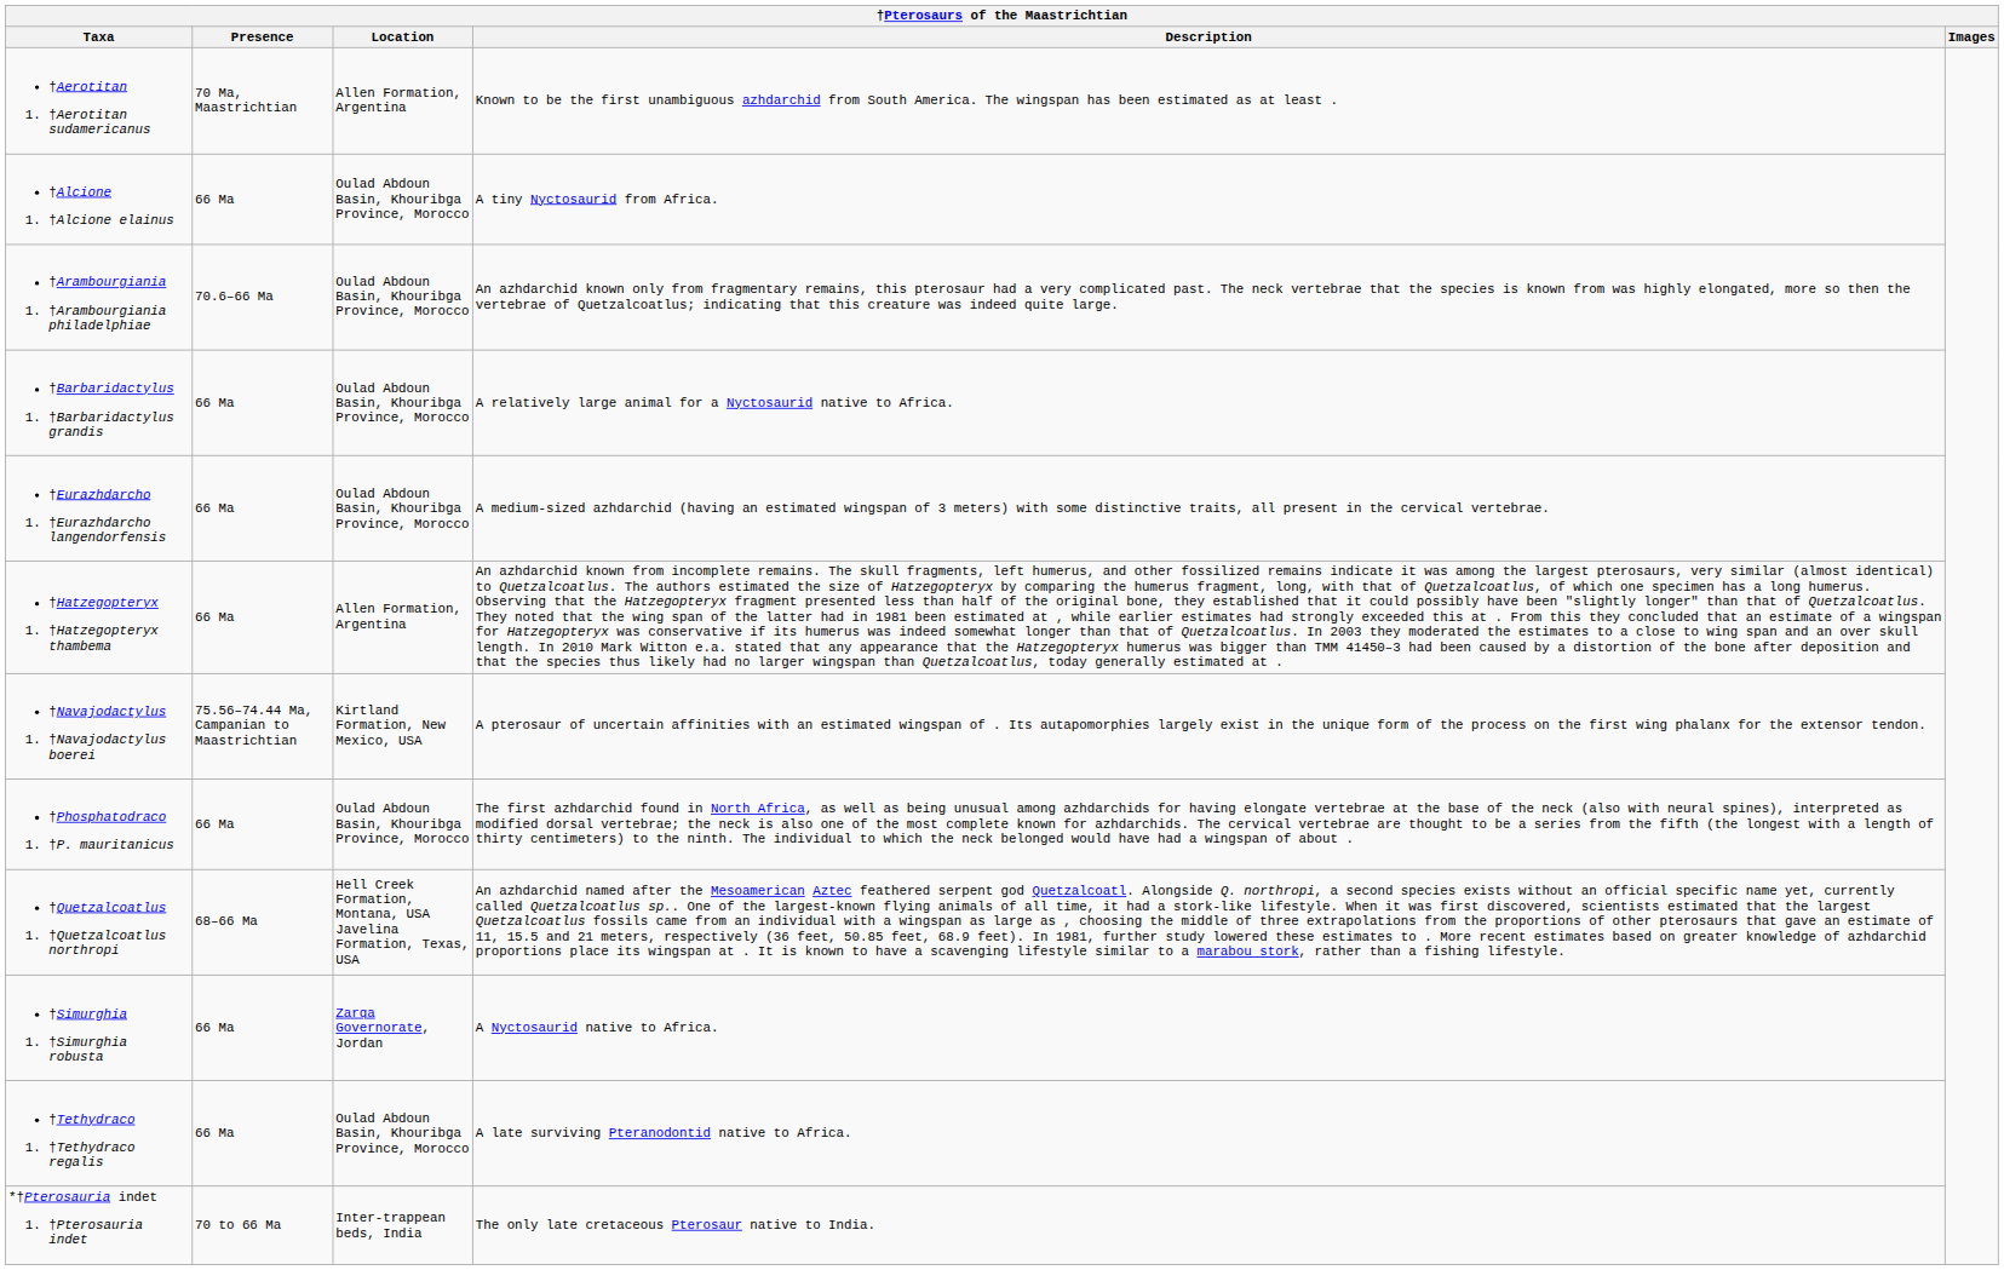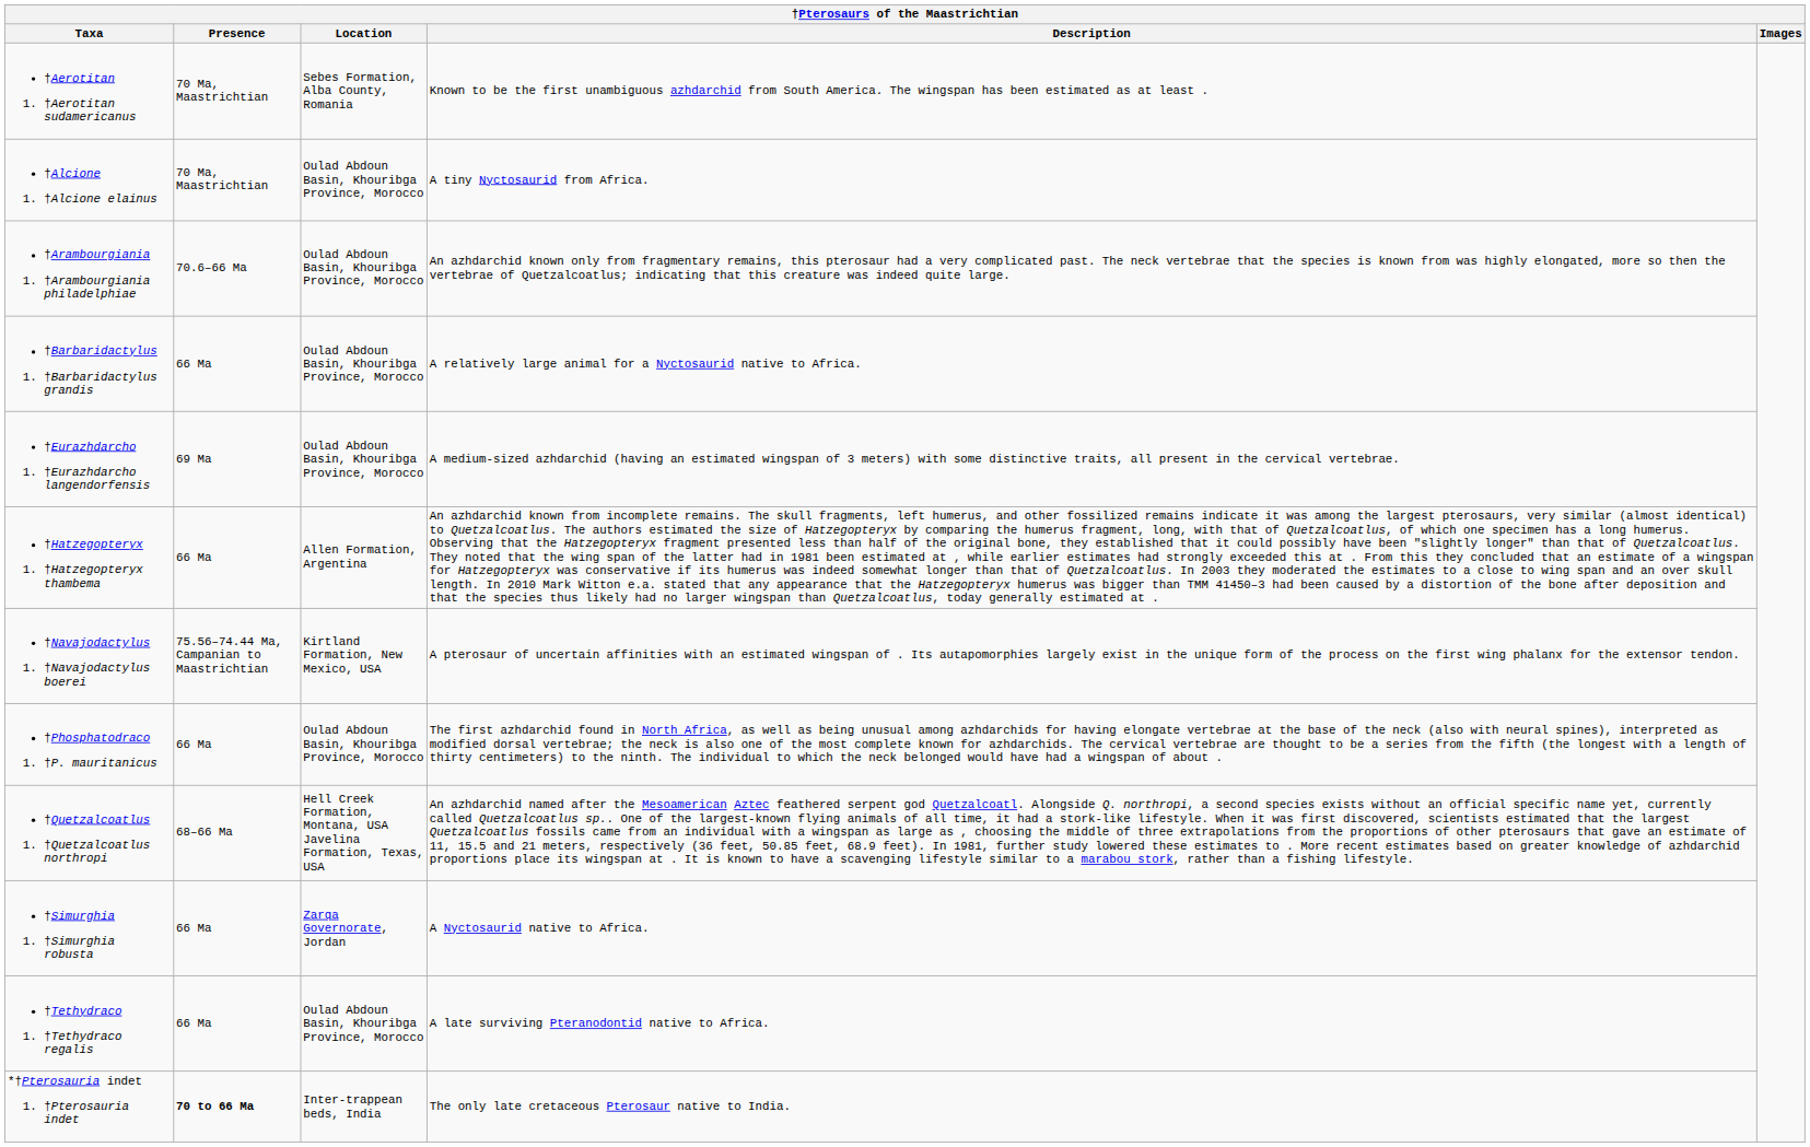 <table class="wikitable" align="center" width="100%">
 <tr>
 <th colspan="5" align="center">†<a href='#'>Pterosaurs</a> of the Maastrichtian</th>
 </tr>
 <tr>
 <th>Taxa</th>
 <th>Presence</th>
 <th>Location</th>
 <th>Description</th>
 <th>Images</th>
 </tr>
 <tr>
 <td><br><ul><li>†<em><a href='#'>Aerotitan</a></em></li></ul><ol><li>†<em>Aerotitan sudamericanus</em></li></ol></td>
 <td>70 Ma, Maastrichtian</td>
-<td>Allen Formation, Argentina</td>
+<td>Sebes Formation, Alba County, Romania</td>
 <td>Known to be the first unambiguous <a href='#'>azhdarchid</a> from South America. The wingspan has been estimated as at least .</td>
 <td rowspan="99"><br>     </td>
 </tr>
 <tr>
 <td><br><ul><li>†<em><a href='#'>Alcione</a></em></li></ul><ol><li>†<em>Alcione elainus</em></li></ol></td>
-<td>66 Ma</td>
+<td>70 Ma, Maastrichtian</td>
 <td>Oulad Abdoun Basin, Khouribga Province, Morocco</td>
 <td>A tiny <a href='#'>Nyctosaurid</a> from Africa.</td>
 </tr>
 <tr>
 <td><br><ul><li>†<em><a href='#'>Arambourgiania</a></em></li></ul><ol><li>†<em>Arambourgiania philadelphiae</em></li></ol></td>
 <td>70.6–66 Ma</td>
 <td>Oulad Abdoun Basin, Khouribga Province, Morocco</td>
 <td>An azhdarchid known only from fragmentary remains, this pterosaur had a very complicated past. The neck vertebrae that the species is known from was highly elongated, more so then the vertebrae of Quetzalcoatlus; indicating that this creature was indeed quite large.</td>
 </tr>
 <tr>
 <td><br><ul><li>†<em><a href='#'>Barbaridactylus</a></em></li></ul><ol><li>†<em>Barbaridactylus grandis</em></li></ol></td>
 <td>66 Ma</td>
 <td>Oulad Abdoun Basin, Khouribga Province, Morocco</td>
 <td>A relatively large animal for a <a href='#'>Nyctosaurid</a> native to Africa.</td>
 </tr>
 <tr>
 <td><br><ul><li>†<em><a href='#'>Eurazhdarcho</a></em></li></ul><ol><li>†<em>Eurazhdarcho langendorfensis</em></li></ol></td>
-<td>66 Ma</td>
+<td>69 Ma</td>
 <td>Oulad Abdoun Basin, Khouribga Province, Morocco</td>
 <td>A medium-sized azhdarchid (having an estimated wingspan of 3 meters) with some distinctive traits, all present in the cervical vertebrae.</td>
 </tr>
 <tr>
 <td><br><ul><li>†<em><a href='#'>Hatzegopteryx</a></em></li></ul><ol><li>†<em>Hatzegopteryx thambema</em></li></ol></td>
 <td>66 Ma</td>
 <td>Allen Formation, Argentina</td>
 <td>An azhdarchid known from incomplete remains. The skull fragments, left humerus, and other fossilized remains indicate it was among the largest pterosaurs, very similar (almost identical) to <em>Quetzalcoatlus</em>. The authors estimated the size of <em>Hatzegopteryx</em> by comparing the humerus fragment,  long, with that of <em>Quetzalcoatlus</em>, of which one specimen has a  long humerus. Observing that the <em>Hatzegopteryx</em> fragment presented less than half of the original bone, they established that it could possibly have been "slightly longer" than that of <em>Quetzalcoatlus</em>. They noted that the wing span of the latter had in 1981 been estimated at , while earlier estimates had strongly exceeded this at . From this they concluded that an estimate of a  wingspan for <em>Hatzegopteryx</em> was conservative if its humerus was indeed somewhat longer than that of <em>Quetzalcoatlus</em>. In 2003 they moderated the estimates to a close to  wing span and an over  skull length. In 2010 Mark Witton e.a. stated that any appearance that the <em>Hatzegopteryx</em> humerus was bigger than TMM 41450–3 had been caused by a distortion of the bone after deposition and that the species thus likely had no larger wingspan than <em>Quetzalcoatlus</em>, today generally estimated at .</td>
 </tr>
 <tr>
 <td><br><ul><li>†<em><a href='#'>Navajodactylus</a></em></li></ul><ol><li>†<em>Navajodactylus boerei</em></li></ol></td>
 <td>75.56–74.44 Ma, Campanian to Maastrichtian</td>
 <td>Kirtland Formation, New Mexico, USA</td>
 <td>A pterosaur of uncertain affinities with an estimated wingspan of . Its autapomorphies largely exist in the unique form of the process on the first wing phalanx for the extensor tendon.</td>
 </tr>
 <tr>
 <td><br><ul><li>†<em><a href='#'>Phosphatodraco</a></em></li></ul><ol><li>†<em>P. mauritanicus</em></li></ol></td>
 <td>66 Ma</td>
 <td>Oulad Abdoun Basin, Khouribga Province, Morocco</td>
 <td>The first azhdarchid found in <a href='#'>North Africa</a>, as well as being unusual among azhdarchids for having elongate vertebrae at the base of the neck (also with neural spines), interpreted as modified dorsal vertebrae; the neck is also one of the most complete known for azhdarchids. The cervical vertebrae are thought to be a series from the fifth (the longest with a length of thirty centimeters) to the ninth. The individual to which the neck belonged would have had a wingspan of about .</td>
 </tr>
 <tr>
 <td><br><ul><li>†<em><a href='#'>Quetzalcoatlus</a></em></li></ul><ol><li>†<em>Quetzalcoatlus northropi</em></li></ol></td>
 <td>68–66 Ma</td>
 <td>Hell Creek Formation, Montana, USA<br>Javelina Formation, Texas, USA</td>
 <td>An azhdarchid named after the <a href='#'>Mesoamerican</a> <a href='#'>Aztec</a> feathered serpent god <a href='#'>Quetzalcoatl</a>. Alongside <em>Q. northropi</em>, a second species exists without an official specific name yet, currently called <em>Quetzalcoatlus sp.</em>. One of the largest-known flying animals of all time, it had a stork-like lifestyle. When it was first discovered, scientists estimated that the largest <em>Quetzalcoatlus</em> fossils came from an individual with a wingspan as large as , choosing the middle of three extrapolations from the proportions of other pterosaurs that gave an estimate of 11, 15.5 and 21 meters, respectively (36 feet, 50.85 feet, 68.9 feet). In 1981, further study lowered these estimates to . More recent estimates based on greater knowledge of azhdarchid proportions place its wingspan at . It is known to have a scavenging lifestyle similar to a <a href='#'>marabou stork</a>, rather than a fishing lifestyle.</td>
 </tr>
 <tr>
 <td><br><ul><li>†<em><a href='#'>Simurghia</a></em></li></ul><ol><li>†<em>Simurghia robusta</em></li></ol></td>
 <td>66 Ma</td>
 <td><a href='#'>Zarqa Governorate</a>, Jordan</td>
 <td>A <a href='#'>Nyctosaurid</a> native to Africa.</td>
 </tr>
 <tr>
 <td><br><ul><li>†<em><a href='#'>Tethydraco</a></em></li></ul><ol><li>†<em>Tethydraco regalis</em></li></ol></td>
 <td>66 Ma</td>
 <td>Oulad Abdoun Basin, Khouribga Province, Morocco</td>
 <td>A late surviving <a href='#'>Pteranodontid</a> native to Africa.</td>
 </tr>
 <tr>
 <td>*†<em><a href='#'>Pterosauria</a></em> indet<br><ol><li>†<em>Pterosauria indet</em></li></ol></td>
-<td>70 to 66 Ma</td>
+<td><strong>70 to 66 Ma</strong></td>
 <td>Inter-trappean beds, India</td>
 <td>The only late cretaceous <a href='#'>Pterosaur</a> native to India.</td>
 </tr>
 </table>
